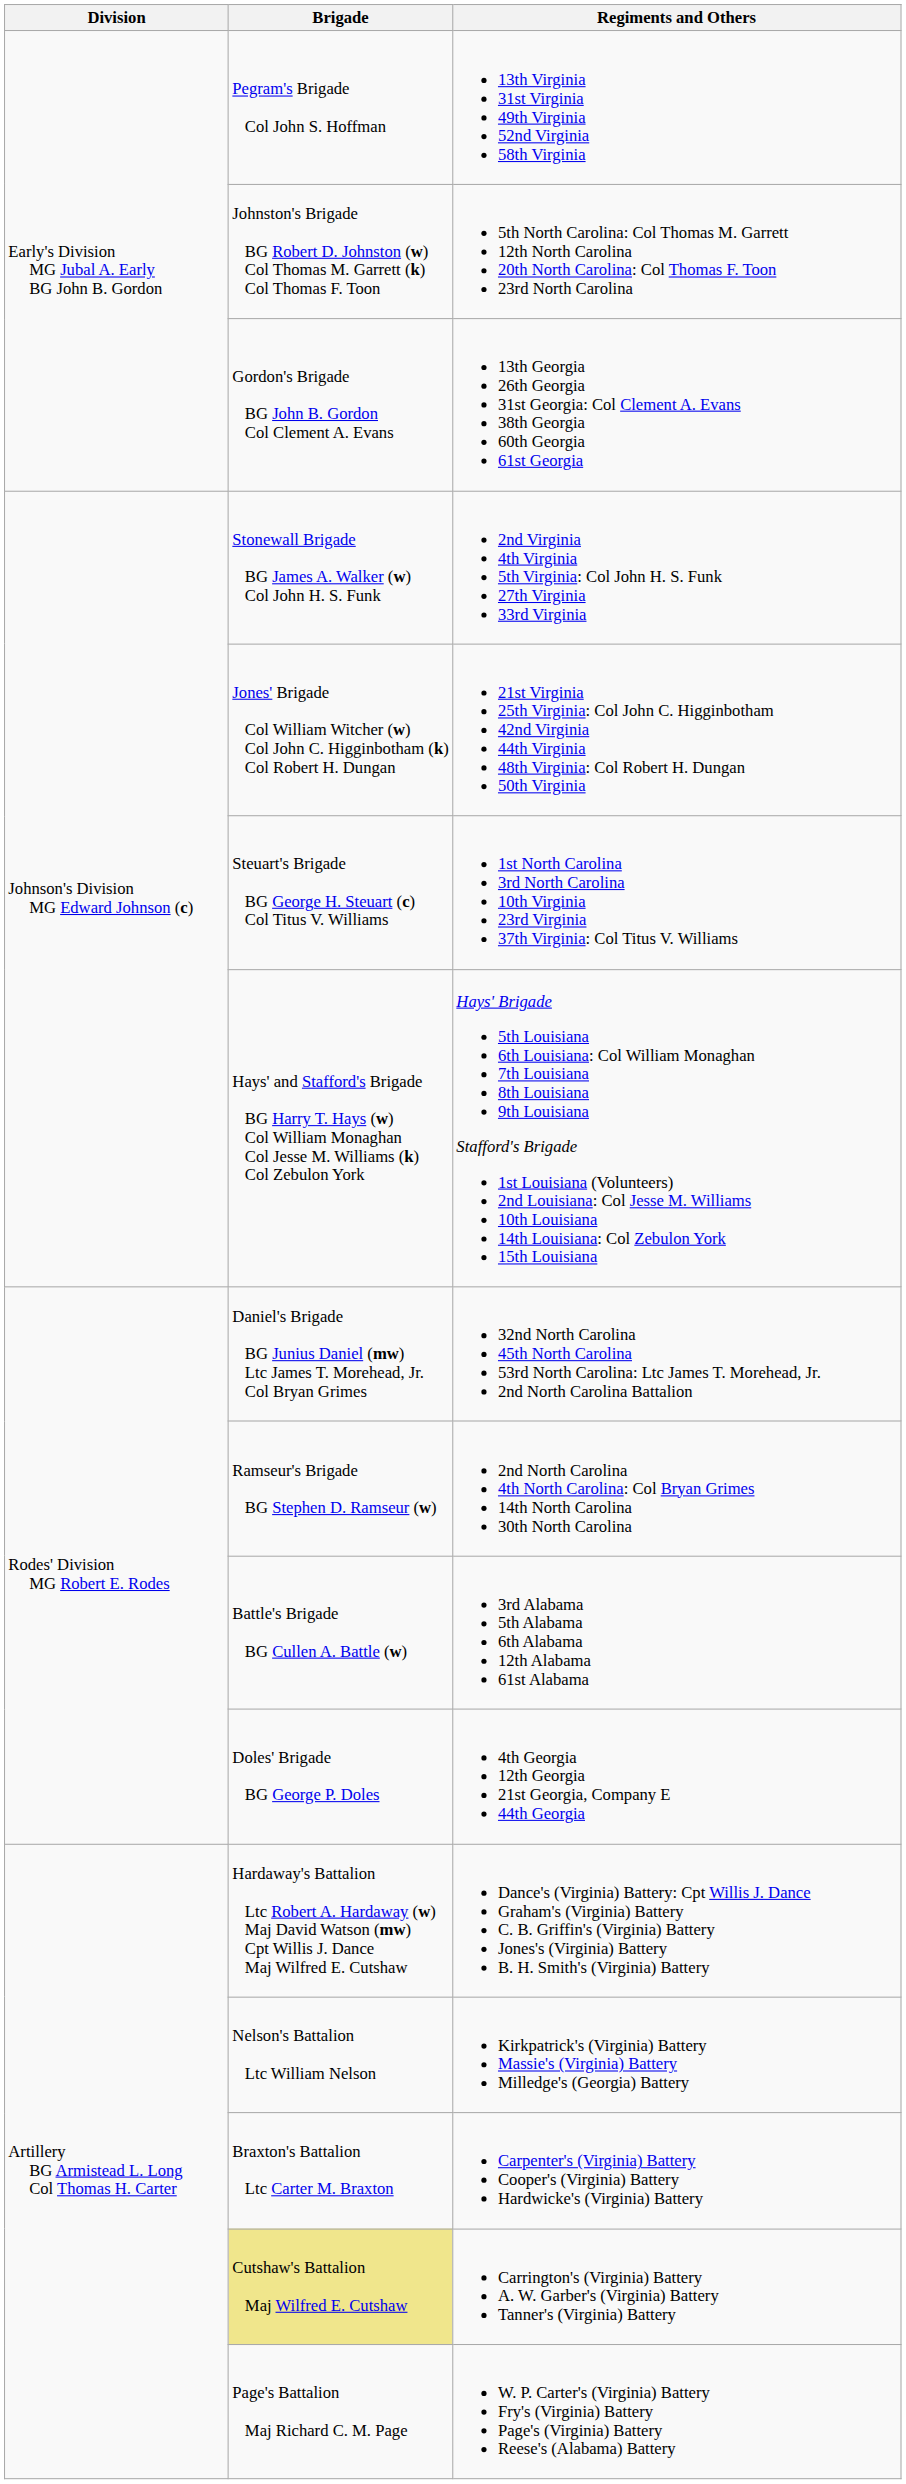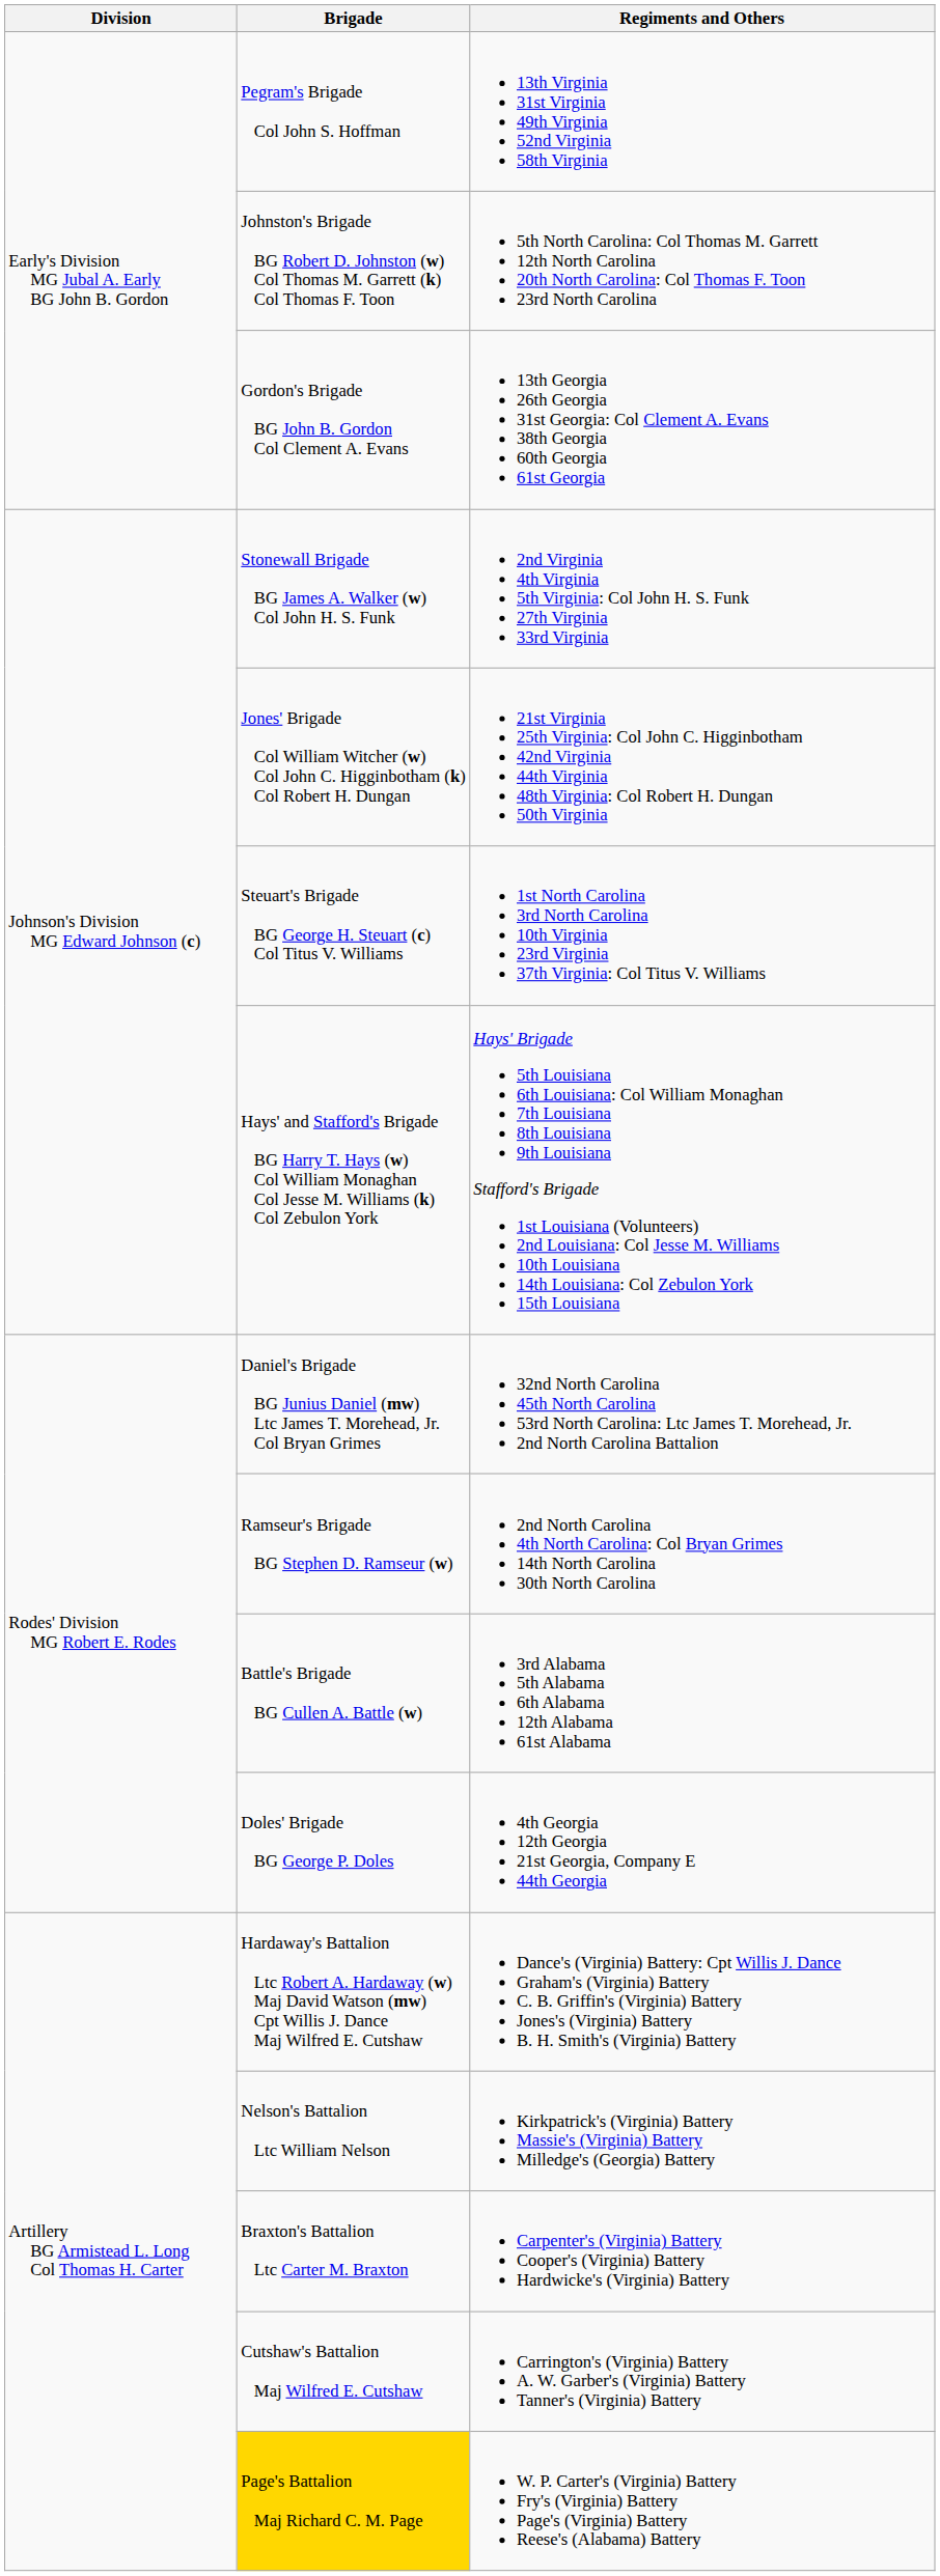 <table class="wikitable">
 <tr>
 <th width=25%>Division</th>
 <th width=25%>Brigade</th>
 <th>Regiments and Others</th>
 </tr>
 <tr>
 <td rowspan=3><br>Early's Division <br>     MG <a href='#'>Jubal A. Early</a> <br>     BG John B. Gordon</td>
 <td><a href='#'>Pegram's</a> Brigade<br><br>   Col John S. Hoffman</td>
 <td><br><ul><li><a href='#'>13th Virginia</a></li><li><a href='#'>31st Virginia</a></li><li><a href='#'>49th Virginia</a></li><li><a href='#'>52nd Virginia</a></li><li><a href='#'>58th Virginia</a></li></ul></td>
 </tr>
 <tr>
 <td>Johnston's Brigade<br><br>   BG <a href='#'>Robert D. Johnston</a> (<strong>w</strong>) <br>   Col Thomas M. Garrett (<strong>k</strong>) <br>   Col Thomas F. Toon</td>
 <td><br><ul><li>5th North Carolina: Col Thomas M. Garrett</li><li>12th North Carolina</li><li><a href='#'>20th North Carolina</a>: Col <a href='#'>Thomas F. Toon</a></li><li>23rd North Carolina</li></ul></td>
 </tr>
 <tr>
 <td>Gordon's Brigade<br><br>   BG <a href='#'>John B. Gordon</a> <br>   Col Clement A. Evans</td>
 <td><br><ul><li>13th Georgia</li><li>26th Georgia</li><li>31st Georgia: Col <a href='#'>Clement A. Evans</a></li><li>38th Georgia</li><li>60th Georgia</li><li><a href='#'>61st Georgia</a></li></ul></td>
 </tr>
 <tr>
 <td rowspan=4><br>Johnson's Division <br>     MG <a href='#'>Edward Johnson</a> (<strong>c</strong>)</td>
 <td><a href='#'>Stonewall Brigade</a><br><br>   BG <a href='#'>James A. Walker</a> (<strong>w</strong>) <br>   Col John H. S. Funk</td>
 <td><br><ul><li><a href='#'>2nd Virginia</a></li><li><a href='#'>4th Virginia</a></li><li><a href='#'>5th Virginia</a>: Col John H. S. Funk</li><li><a href='#'>27th Virginia</a></li><li><a href='#'>33rd Virginia</a></li></ul></td>
 </tr>
 <tr>
 <td><a href='#'>Jones'</a> Brigade<br><br>   Col William Witcher (<strong>w</strong>) <br>   Col John C. Higginbotham (<strong>k</strong>) <br>   Col Robert H. Dungan</td>
 <td><br><ul><li><a href='#'>21st Virginia</a></li><li><a href='#'>25th Virginia</a>: Col John C. Higginbotham</li><li><a href='#'>42nd Virginia</a></li><li><a href='#'>44th Virginia</a></li><li><a href='#'>48th Virginia</a>: Col Robert H. Dungan</li><li><a href='#'>50th Virginia</a></li></ul></td>
 </tr>
 <tr>
 <td>Steuart's Brigade<br><br>   BG <a href='#'>George H. Steuart</a> (<strong>c</strong>) <br>   Col Titus V. Williams</td>
 <td><br><ul><li><a href='#'>1st North Carolina</a></li><li><a href='#'>3rd North Carolina</a></li><li><a href='#'>10th Virginia</a></li><li><a href='#'>23rd Virginia</a></li><li><a href='#'>37th Virginia</a>: Col Titus V. Williams</li></ul></td>
 </tr>
 <tr>
 <td>Hays' and <a href='#'>Stafford's</a> Brigade<br><br>   BG <a href='#'>Harry T. Hays</a> (<strong>w</strong>) <br>   Col William Monaghan <br>   Col Jesse M. Williams (<strong>k</strong>) <br>   Col Zebulon York</td>
 <td><br><em><a href='#'>Hays' Brigade</a></em><ul><li><a href='#'>5th Louisiana</a></li><li><a href='#'>6th Louisiana</a>: Col William Monaghan</li><li><a href='#'>7th Louisiana</a></li><li><a href='#'>8th Louisiana</a></li><li><a href='#'>9th Louisiana</a></li></ul><em>Stafford's Brigade</em><ul><li><a href='#'>1st Louisiana</a> (Volunteers)</li><li><a href='#'>2nd Louisiana</a>: Col <a href='#'>Jesse M. Williams</a></li><li><a href='#'>10th Louisiana</a></li><li><a href='#'>14th Louisiana</a>: Col <a href='#'>Zebulon York</a></li><li><a href='#'>15th Louisiana</a></li></ul></td>
 </tr>
 <tr>
 <td rowspan=4><br>Rodes' Division <br>     MG <a href='#'>Robert E. Rodes</a></td>
 <td>Daniel's Brigade<br><br>   BG <a href='#'>Junius Daniel</a> (<strong>mw</strong>) <br>   Ltc James T. Morehead, Jr. <br>   Col Bryan Grimes</td>
 <td><br><ul><li>32nd North Carolina</li><li><a href='#'>45th North Carolina</a></li><li>53rd North Carolina: Ltc James T. Morehead, Jr.</li><li>2nd North Carolina Battalion</li></ul></td>
 </tr>
 <tr>
 <td>Ramseur's Brigade<br><br>   BG <a href='#'>Stephen D. Ramseur</a> (<strong>w</strong>)</td>
 <td><br><ul><li>2nd North Carolina</li><li><a href='#'>4th North Carolina</a>: Col <a href='#'>Bryan Grimes</a></li><li>14th North Carolina</li><li>30th North Carolina</li></ul></td>
 </tr>
 <tr>
 <td>Battle's Brigade<br><br>   BG <a href='#'>Cullen A. Battle</a> (<strong>w</strong>)</td>
 <td><br><ul><li>3rd Alabama</li><li>5th Alabama</li><li>6th Alabama</li><li>12th Alabama</li><li>61st Alabama</li></ul></td>
 </tr>
 <tr>
 <td>Doles' Brigade<br><br>   BG <a href='#'>George P. Doles</a></td>
 <td><br><ul><li>4th Georgia</li><li>12th Georgia</li><li>21st Georgia, Company E</li><li><a href='#'>44th Georgia</a></li></ul></td>
 </tr>
 <tr>
 <td rowspan=5><br>Artillery <br>     BG <a href='#'>Armistead L. Long</a> <br>     Col <a href='#'>Thomas H. Carter</a></td>
 <td>Hardaway's Battalion<br><br>   Ltc <a href='#'>Robert A. Hardaway</a> (<strong>w</strong>) <br>   Maj David Watson (<strong>mw</strong>) <br>   Cpt Willis J. Dance <br>   Maj Wilfred E. Cutshaw</td>
 <td><br><ul><li>Dance's (Virginia) Battery: Cpt <a href='#'>Willis J. Dance</a></li><li>Graham's (Virginia) Battery</li><li>C. B. Griffin's (Virginia) Battery</li><li>Jones's (Virginia) Battery</li><li>B. H. Smith's (Virginia) Battery</li></ul></td>
 </tr>
 <tr>
 <td>Nelson's Battalion<br><br>   Ltc William Nelson</td>
 <td><br><ul><li>Kirkpatrick's (Virginia) Battery</li><li><a href='#'>Massie's (Virginia) Battery</a></li><li>Milledge's (Georgia) Battery</li></ul></td>
 </tr>
 <tr>
 <td>Braxton's Battalion<br><br>   Ltc <a href='#'>Carter M. Braxton</a></td>
 <td><br><ul><li><a href='#'>Carpenter's (Virginia) Battery</a></li><li>Cooper's (Virginia) Battery</li><li>Hardwicke's (Virginia) Battery</li></ul></td>
 </tr>
 <tr>
-<td style="background: khaki;">Cutshaw's Battalion<br><br>   Maj <a href='#'>Wilfred E. Cutshaw</a></td>
+<td>Cutshaw's Battalion<br><br>   Maj <a href='#'>Wilfred E. Cutshaw</a></td>
 <td><br><ul><li>Carrington's (Virginia) Battery</li><li>A. W. Garber's (Virginia) Battery</li><li>Tanner's (Virginia) Battery</li></ul></td>
 </tr>
 <tr>
-<td>Page's Battalion<br><br>   Maj Richard C. M. Page</td>
+<td style="background: gold;">Page's Battalion<br><br>   Maj Richard C. M. Page</td>
 <td><br><ul><li>W. P. Carter's (Virginia) Battery</li><li>Fry's (Virginia) Battery</li><li>Page's (Virginia) Battery</li><li>Reese's (Alabama) Battery</li></ul></td>
 </tr>
 </table>
